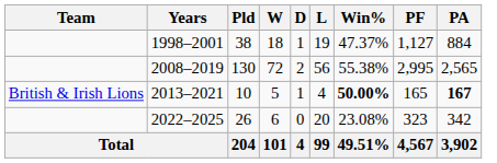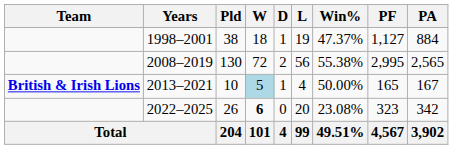 <table class="wikitable" style="text-align:center">
 <tr>
 <th>Team</th>
 <th>Years</th>
 <th>Pld</th>
 <th>W</th>
 <th>D</th>
 <th>L</th>
 <th>Win%</th>
 <th>PF</th>
 <th>PA</th>
 </tr>
 <tr>
 <td style="text-align:left"></td>
 <td>1998–2001</td>
 <td>38</td>
 <td>18</td>
 <td>1</td>
 <td>19</td>
 <td>47.37%</td>
 <td>1,127</td>
 <td>884</td>
 </tr>
 <tr>
 <td style="text-align:left"></td>
 <td>2008–2019</td>
 <td>130</td>
 <td>72</td>
 <td>2</td>
 <td>56</td>
 <td>55.38%</td>
 <td>2,995</td>
 <td>2,565</td>
 </tr>
 <tr>
-<td style="text-align:left"> <a href='#'>British & Irish Lions</a></td>
+<td style="text-align:left"><strong> <a href='#'>British & Irish Lions</a></strong></td>
 <td>2013–2021</td>
 <td>10</td>
-<td>5</td>
+<td style="background: lightblue;">5</td>
 <td>1</td>
 <td>4</td>
-<td><strong>50.00%</strong></td>
+<td>50.00%</td>
 <td>165</td>
-<td><strong>167</strong></td>
+<td>167</td>
 </tr>
 <tr>
 <td style="text-align:left"></td>
 <td>2022–2025</td>
 <td>26</td>
-<td>6</td>
+<td><strong>6</strong></td>
 <td>0</td>
 <td>20</td>
 <td>23.08%</td>
 <td>323</td>
 <td>342</td>
 </tr>
 <tr>
 <th colspan="2">Total</th>
 <th>204</th>
 <th>101</th>
 <th>4</th>
 <th>99</th>
 <th>49.51%</th>
 <th>4,567</th>
 <th>3,902</th>
 </tr>
 </table>
